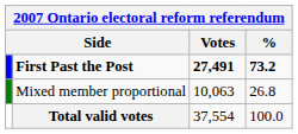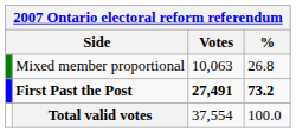 <table class="wikitable" style="font-size: 95%; clear:both">
 <tr style="background-color:#E9E9E9">
 <th colspan=4><a href='#'>2007 Ontario electoral reform referendum</a></th>
 </tr>
 <tr style="background-color:#E9E9E9">
 <th colspan=2 style="width: 130px">Side</th>
 <th style="width: 50px">Votes</th>
 <th style="width: 40px">%</th>
 </tr>
 <tr>
+<td bgcolor="green"></td>
+<td>Mixed member proportional</td>
+<td>10,063</td>
+<td>26.8</td>
+</tr>
+<tr>
 <td bgcolor="blue"></td>
 <td><strong>First Past the Post</strong></td>
 <td><strong>27,491</strong></td>
 <td><strong>73.2</strong></td>
-</tr>
-<tr>
-<td bgcolor="green"></td>
-<td>Mixed member proportional</td>
-<td>10,063</td>
-<td>26.8</td>
 </tr>
 <tr>
 <td bgcolor="white"></td>
 <th>Total valid votes</th>
 <td>37,554</td>
 <td>100.0</td>
 </tr>
 </table>
